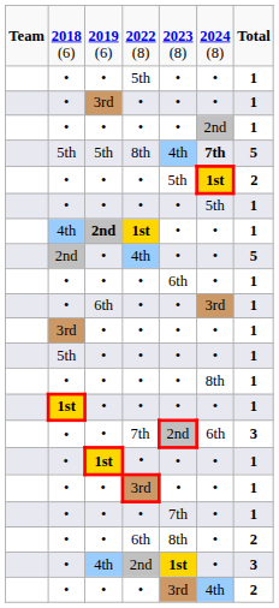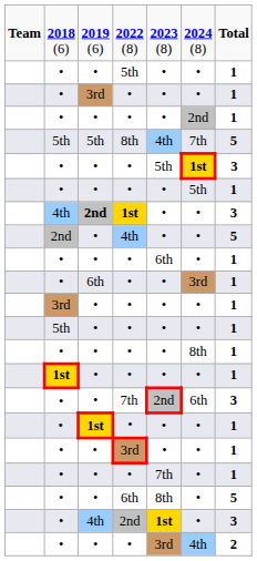 <table class="wikitable" style="text-align:center; font-size:90%">
 <tr>
 <td><strong>Team</strong></td>
 <td><br><strong><a href='#'>2018</a></strong><br>(6)</td>
 <td><br><strong><a href='#'>2019</a></strong><br>(6)</td>
 <td><br><strong><a href='#'>2022</a></strong><br>(8)</td>
 <td><br><strong><a href='#'>2023</a></strong><br>(8)</td>
 <td><br><strong><a href='#'>2024</a></strong><br>(8)</td>
 <td><strong>Total</strong></td>
 </tr>
 <tr bgcolor=#ffffff>
 <td align=left></td>
 <td>•</td>
 <td>•</td>
 <td>5th</td>
 <td>•</td>
 <td>•</td>
 <td><strong>1</strong></td>
 </tr>
 <tr bgcolor=#e8e8f0>
 <td align=left></td>
 <td>•</td>
 <td bgcolor="cc9966">3rd</td>
 <td>•</td>
 <td>•</td>
 <td>•</td>
 <td><strong>1</strong></td>
 </tr>
 <tr bgcolor=#ffffff>
 <td align=left></td>
 <td>•</td>
 <td>•</td>
 <td>•</td>
 <td>•</td>
 <td bgcolor="silver">2nd</td>
 <td><strong>1</strong></td>
 </tr>
 <tr bgcolor=#e8e8f0>
 <td align=left></td>
 <td>5th</td>
 <td>5th</td>
 <td>8th</td>
 <td bgcolor="9acdff">4th</td>
-<td><strong>7th</strong></td>
+<td>7th</td>
 <td><strong>5</strong></td>
 </tr>
 <tr bgcolor=#ffffff>
 <td align=left></td>
 <td>•</td>
 <td>•</td>
 <td>•</td>
 <td>5th</td>
 <td style="border:3px solid red" bgcolor="gold"><strong>1st</strong></td>
-<td><strong>2</strong></td>
+<td><strong>3</strong></td>
 </tr>
 <tr bgcolor=#e8e8f0>
 <td align=left></td>
 <td>•</td>
 <td>•</td>
 <td>•</td>
 <td>•</td>
 <td>5th</td>
 <td><strong>1</strong></td>
 </tr>
 <tr bgcolor=#ffffff>
 <td align=left></td>
 <td bgcolor="9acdff">4th</td>
 <td bgcolor="silver"><strong>2nd</strong></td>
 <td bgcolor="gold"><strong>1st</strong></td>
 <td>•</td>
 <td>•</td>
-<td><strong>1</strong></td>
+<td><strong>3</strong></td>
 </tr>
 <tr bgcolor=#e8e8f0>
 <td align=left></td>
 <td bgcolor="silver">2nd</td>
 <td>•</td>
 <td bgcolor="9acdff">4th</td>
 <td>•</td>
 <td>•</td>
 <td><strong>5</strong></td>
 </tr>
 <tr bgcolor=#ffffff>
 <td align=left></td>
 <td>•</td>
 <td>•</td>
 <td>•</td>
 <td>6th</td>
 <td>•</td>
 <td><strong>1</strong></td>
 </tr>
 <tr bgcolor=#e8e8f0>
 <td align=left></td>
 <td>•</td>
 <td>6th</td>
 <td>•</td>
 <td>•</td>
 <td bgcolor="cc9966">3rd</td>
 <td><strong>1</strong></td>
 </tr>
 <tr bgcolor=#ffffff>
 <td align=left></td>
 <td bgcolor="cc9966">3rd</td>
 <td>•</td>
 <td>•</td>
 <td>•</td>
 <td>•</td>
 <td><strong>1</strong></td>
 </tr>
 <tr bgcolor=#e8e8f0>
 <td align=left></td>
 <td>5th</td>
 <td>•</td>
 <td>•</td>
 <td>•</td>
 <td>•</td>
 <td><strong>1</strong></td>
 </tr>
 <tr bgcolor=#ffffff>
 <td align=left></td>
 <td>•</td>
 <td>•</td>
 <td>•</td>
 <td>•</td>
 <td>8th</td>
 <td><strong>1</strong></td>
 </tr>
 <tr bgcolor=#e8e8f0>
 <td align=left></td>
 <td style="border:3px solid red" bgcolor="gold"><strong>1st</strong></td>
 <td>•</td>
 <td>•</td>
 <td>•</td>
 <td>•</td>
 <td><strong>1</strong></td>
 </tr>
 <tr bgcolor=#ffffff>
 <td align=left></td>
 <td>•</td>
 <td>•</td>
 <td>7th</td>
 <td style="border:3px solid red" bgcolor="silver">2nd</td>
 <td>6th</td>
 <td><strong>3</strong></td>
 </tr>
 <tr bgcolor=#e8e8f0>
 <td align=left></td>
 <td>•</td>
 <td style="border:3px solid red" bgcolor="gold"><strong>1st</strong></td>
 <td>•</td>
 <td>•</td>
 <td>•</td>
 <td><strong>1</strong></td>
 </tr>
 <tr bgcolor=#ffffff>
 <td align=left></td>
 <td>•</td>
 <td>•</td>
 <td style="border:3px solid red" bgcolor="cc9966">3rd</td>
 <td>•</td>
 <td>•</td>
 <td><strong>1</strong></td>
 </tr>
 <tr bgcolor=#e8e8f0>
 <td align=left></td>
 <td>•</td>
 <td>•</td>
 <td>•</td>
 <td>7th</td>
 <td>•</td>
 <td><strong>1</strong></td>
 </tr>
 <tr bgcolor=#ffffff>
 <td align=left></td>
 <td>•</td>
 <td>•</td>
 <td>6th</td>
 <td>8th</td>
 <td>•</td>
-<td><strong>2</strong></td>
+<td><strong>5</strong></td>
 </tr>
 <tr bgcolor=#e8e8f0>
 <td align=left></td>
 <td>•</td>
 <td bgcolor="9acdff">4th</td>
 <td bgcolor="silver">2nd</td>
 <td bgcolor="gold"><strong>1st</strong></td>
 <td>•</td>
 <td><strong>3</strong></td>
 </tr>
 <tr bgcolor=#ffffff>
 <td align=left></td>
 <td>•</td>
 <td>•</td>
 <td>•</td>
 <td bgcolor="cc9966">3rd</td>
 <td bgcolor="9acdff">4th</td>
 <td><strong>2</strong></td>
 </tr>
 </table>
